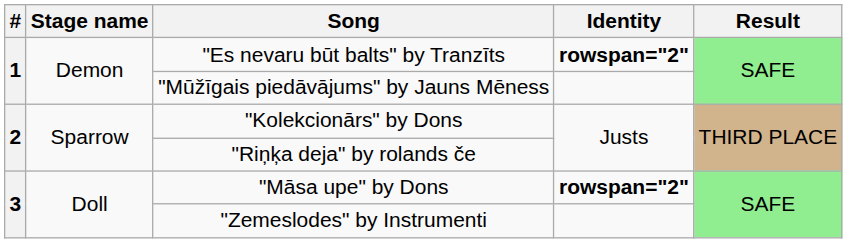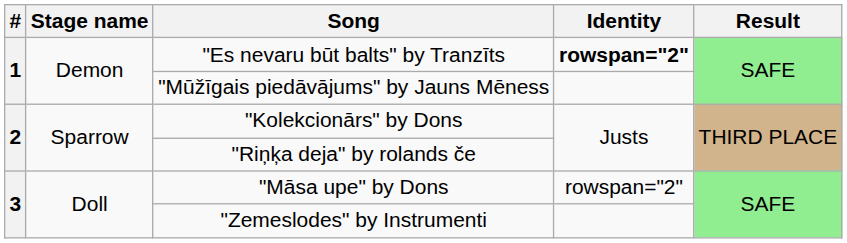 <table class="wikitable plainrowheaders" style="text-align: center;">
 <tr>
 <th>#</th>
 <th>Stage name</th>
 <th>Song</th>
 <th>Identity</th>
 <th>Result</th>
 </tr>
 <tr>
 <th rowspan="2">1</th>
 <td rowspan="2">Demon</td>
 <td>"Es nevaru būt balts" by Tranzīts</td>
 <td><strong>rowspan="2" </strong></td>
 <td rowspan="2" bgcolor="lightgreen">SAFE</td>
 </tr>
 <tr>
 <td>"Mūžīgais piedāvājums" by Jauns Mēness</td>
 </tr>
 <tr>
 <th rowspan="2">2</th>
 <td rowspan="2">Sparrow</td>
 <td>"Kolekcionārs" by Dons</td>
 <td rowspan="2">Justs</td>
 <td rowspan="2" bgcolor=tan>THIRD PLACE</td>
 </tr>
 <tr>
 <td>"Riņķa deja" by rolands če</td>
 </tr>
 <tr>
 <th rowspan="2">3</th>
 <td rowspan="2">Doll</td>
 <td>"Māsa upe" by Dons</td>
-<td><strong>rowspan="2" </strong></td>
+<td>rowspan="2" </td>
 <td rowspan="2" bgcolor="lightgreen">SAFE</td>
 </tr>
 <tr>
 <td>"Zemeslodes" by Instrumenti</td>
 </tr>
 </table>
